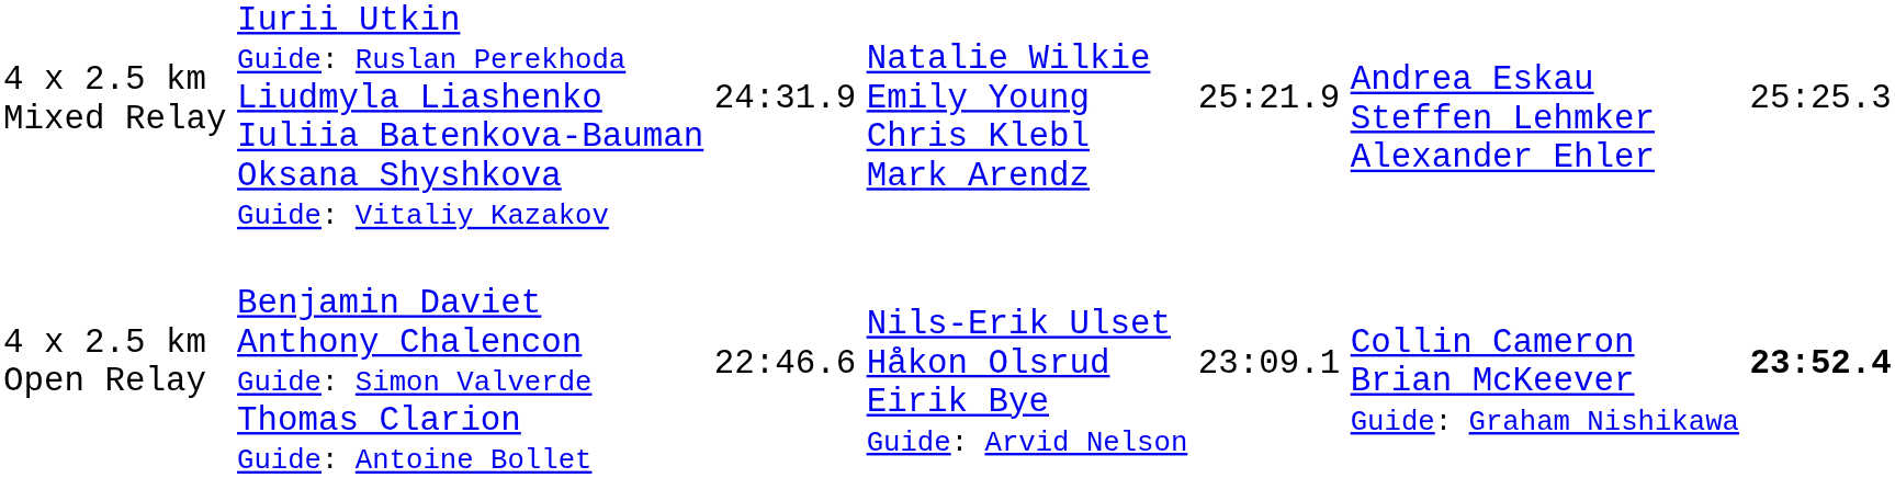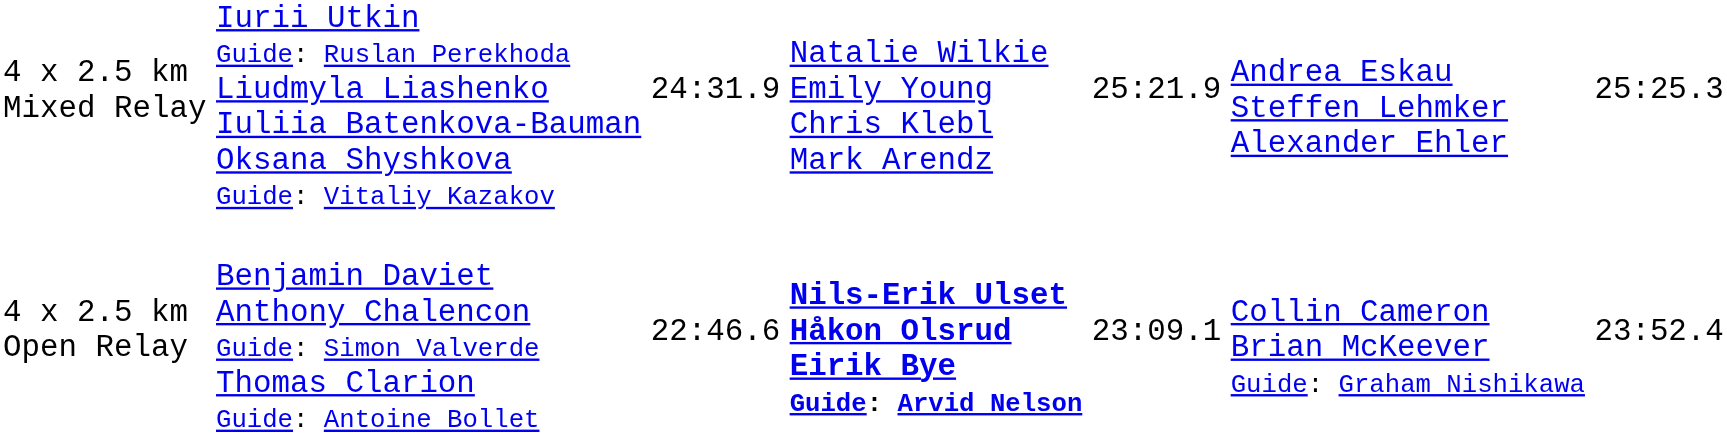 <table>
 <tr>
 <td>4 x 2.5 km<br>Mixed Relay<br></td>
 <td><br><a href='#'>Iurii Utkin</a><br><small><a href='#'>Guide</a>: <a href='#'>Ruslan Perekhoda</a></small><br><a href='#'>Liudmyla Liashenko</a><br><a href='#'>Iuliia Batenkova-Bauman</a><br><a href='#'>Oksana Shyshkova</a><br><small><a href='#'>Guide</a>: <a href='#'>Vitaliy Kazakov</a></small></td>
 <td>24:31.9</td>
 <td><br><a href='#'>Natalie Wilkie</a><br><a href='#'>Emily Young</a><br><a href='#'>Chris Klebl</a><br><a href='#'>Mark Arendz</a></td>
 <td>25:21.9</td>
 <td><br><a href='#'>Andrea Eskau</a><br><a href='#'>Steffen Lehmker</a><br><a href='#'>Alexander Ehler</a></td>
 <td>25:25.3</td>
 </tr>
 <tr>
 <td>4 x 2.5 km<br>Open Relay<br></td>
 <td><br><a href='#'>Benjamin Daviet</a><br><a href='#'>Anthony Chalencon</a><br><small><a href='#'>Guide</a>: <a href='#'>Simon Valverde</a></small><br><a href='#'>Thomas Clarion</a><br><small><a href='#'>Guide</a>: <a href='#'>Antoine Bollet</a></small></td>
 <td>22:46.6</td>
-<td><br><a href='#'>Nils-Erik Ulset</a><br><a href='#'>Håkon Olsrud</a><br><a href='#'>Eirik Bye</a><br><small><a href='#'>Guide</a>: <a href='#'>Arvid Nelson</a></small></td>
+<td><strong><br><a href='#'>Nils-Erik Ulset</a><br><a href='#'>Håkon Olsrud</a><br><a href='#'>Eirik Bye</a><br><small><a href='#'>Guide</a>: <a href='#'>Arvid Nelson</a></small></strong></td>
 <td>23:09.1</td>
 <td><br><a href='#'>Collin Cameron</a><br><a href='#'>Brian McKeever</a><br><small><a href='#'>Guide</a>: <a href='#'>Graham Nishikawa</a></small></td>
-<td><strong>23:52.4</strong></td>
+<td>23:52.4</td>
 </tr>
 </table>
